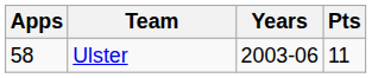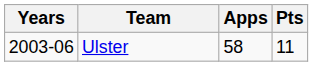 <table class="wikitable" style="text-align:left;">
 <tr>
+<th>Years</th>
+<th width=120px>Team</th>
 <th>Apps</th>
-<th width=120px>Team</th>
-<th>Years</th>
 <th>Pts</th>
 </tr>
 <tr>
+<td>2003-06</td>
+<td><a href='#'>Ulster</a></td>
 <td>58</td>
-<td><a href='#'>Ulster</a></td>
-<td>2003-06</td>
 <td>11</td>
 </tr>
 </table>
